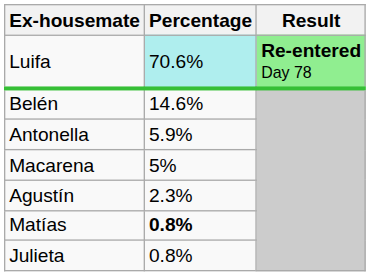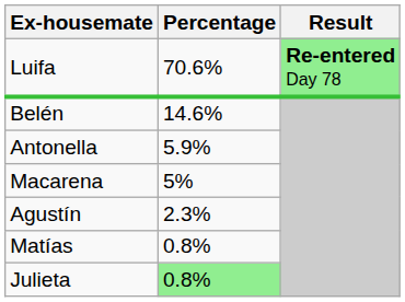 <table class="wikitable"  style="font-size:90%;">
 <tr>
 <th>Ex-housemate</th>
 <th>Percentage</th>
 <th>Result</th>
 </tr>
 <tr style="border-bottom:3px solid #36BF36;">
 <td>Luifa</td>
-<td style="background: paleturquoise;">70.6%</td>
+<td>70.6%</td>
 <td style="background:#90EE90;"><strong>Re-entered</strong><br><small>Day 78</small></td>
 </tr>
 <tr>
 <td>Belén</td>
 <td>14.6%</td>
 <td rowspan="6" style="background:#ccc;"></td>
 </tr>
 <tr>
 <td>Antonella</td>
 <td>5.9%</td>
 </tr>
 <tr>
 <td>Macarena</td>
 <td>5%</td>
 </tr>
 <tr>
 <td>Agustín</td>
 <td>2.3%</td>
 </tr>
 <tr>
 <td>Matías</td>
-<td><strong>0.8%</strong></td>
+<td>0.8%</td>
 </tr>
 <tr>
 <td>Julieta</td>
-<td>0.8%</td>
+<td style="background: lightgreen;">0.8%</td>
 </tr>
 </table>
